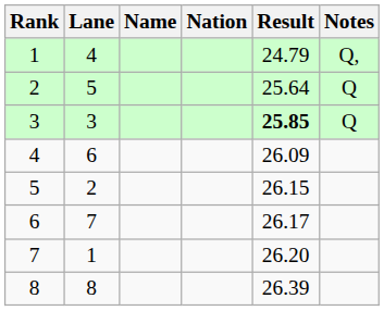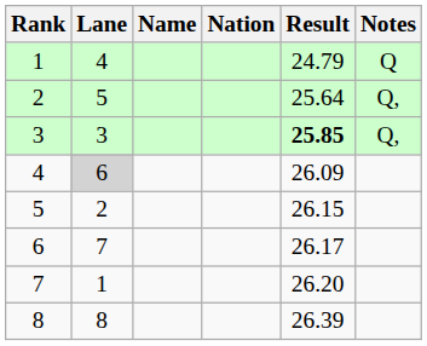 <table class="wikitable" style="text-align:center">
 <tr>
 <th>Rank</th>
 <th>Lane</th>
 <th>Name</th>
 <th>Nation</th>
 <th>Result</th>
 <th>Notes</th>
 </tr>
 <tr bgcolor=ccffcc>
 <td>1</td>
 <td>4</td>
 <td align="left"></td>
 <td align="left"></td>
 <td>24.79</td>
-<td>Q,</td>
+<td>Q</td>
 </tr>
 <tr bgcolor=ccffcc>
 <td>2</td>
 <td>5</td>
 <td align="left"></td>
 <td align="left"></td>
 <td>25.64</td>
-<td>Q</td>
+<td>Q,</td>
 </tr>
 <tr bgcolor=ccffcc>
 <td>3</td>
 <td>3</td>
 <td align="left"></td>
 <td align="left"></td>
 <td><strong>25.85</strong></td>
-<td>Q</td>
+<td>Q,</td>
 </tr>
 <tr>
 <td>4</td>
-<td>6</td>
+<td style="background: lightgrey;">6</td>
 <td align="left"></td>
 <td align="left"></td>
 <td>26.09</td>
 <td></td>
 </tr>
 <tr>
 <td>5</td>
 <td>2</td>
 <td align="left"></td>
 <td align="left"></td>
 <td>26.15</td>
 <td></td>
 </tr>
 <tr>
 <td>6</td>
 <td>7</td>
 <td align="left"></td>
 <td align="left"></td>
 <td>26.17</td>
 <td></td>
 </tr>
 <tr>
 <td>7</td>
 <td>1</td>
 <td align="left"></td>
 <td align="left"></td>
 <td>26.20</td>
 <td></td>
 </tr>
 <tr>
 <td>8</td>
 <td>8</td>
 <td align="left"></td>
 <td align="left"></td>
 <td>26.39</td>
 <td></td>
 </tr>
 </table>
